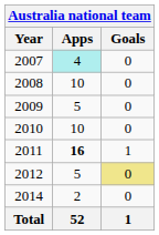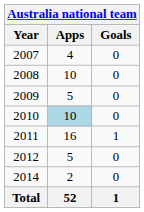 <table class="wikitable" style="text-align:center">
 <tr>
 <th colspan=3><a href='#'>Australia national team</a></th>
 </tr>
 <tr>
 <th>Year</th>
 <th>Apps</th>
 <th>Goals</th>
 </tr>
 <tr>
 <td>2007</td>
-<td style="background: paleturquoise;">4</td>
+<td>4</td>
 <td>0</td>
 </tr>
 <tr>
 <td>2008</td>
 <td>10</td>
 <td>0</td>
 </tr>
 <tr>
 <td>2009</td>
 <td>5</td>
 <td>0</td>
 </tr>
 <tr>
 <td>2010</td>
-<td>10</td>
+<td style="background: lightblue;">10</td>
 <td>0</td>
 </tr>
 <tr>
 <td>2011</td>
-<td><strong>16</strong></td>
+<td>16</td>
 <td>1</td>
 </tr>
 <tr>
 <td>2012</td>
 <td>5</td>
-<td style="background: khaki;">0</td>
+<td>0</td>
 </tr>
 <tr>
 <td>2014</td>
 <td>2</td>
 <td>0</td>
 </tr>
 <tr>
 <th>Total</th>
 <th>52</th>
 <th>1</th>
 </tr>
 </table>
